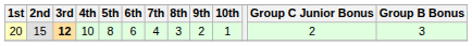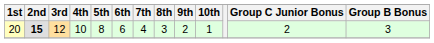 <table class="wikitable" style="font-size: 85%; text-align:center">
 <tr>
 </tr>
 <tr>
 <th>1st</th>
 <th>2nd</th>
 <th>3rd</th>
 <th>4th</th>
 <th>5th</th>
 <th>6th</th>
 <th>7th</th>
 <th>8th</th>
 <th>9th</th>
 <th>10th</th>
 <th rowspan=2></th>
 <th>Group C Junior Bonus</th>
 <th>Group B Bonus</th>
 </tr>
 <tr>
 <td style="background:#FFFFBF;">20</td>
-<td style="background:#DFDFDF;">15</td>
-<td style="background:#FFDF9F;"><strong>12</strong></td>
+<td style="background:#DFDFDF;"><strong>15</strong></td>
+<td style="background:#FFDF9F;">12</td>
 <td style="background:#DFFFDF;">10</td>
 <td style="background:#DFFFDF;">8</td>
 <td style="background:#DFFFDF;">6</td>
 <td style="background:#DFFFDF;">4</td>
 <td style="background:#DFFFDF;">3</td>
 <td style="background:#DFFFDF;">2</td>
 <td style="background:#DFFFDF;">1</td>
 <td style="background:#DFFFDF;">2</td>
 <td style="background:#DFFFDF;">3</td>
 </tr>
 <tr>
 </tr>
 </table>
